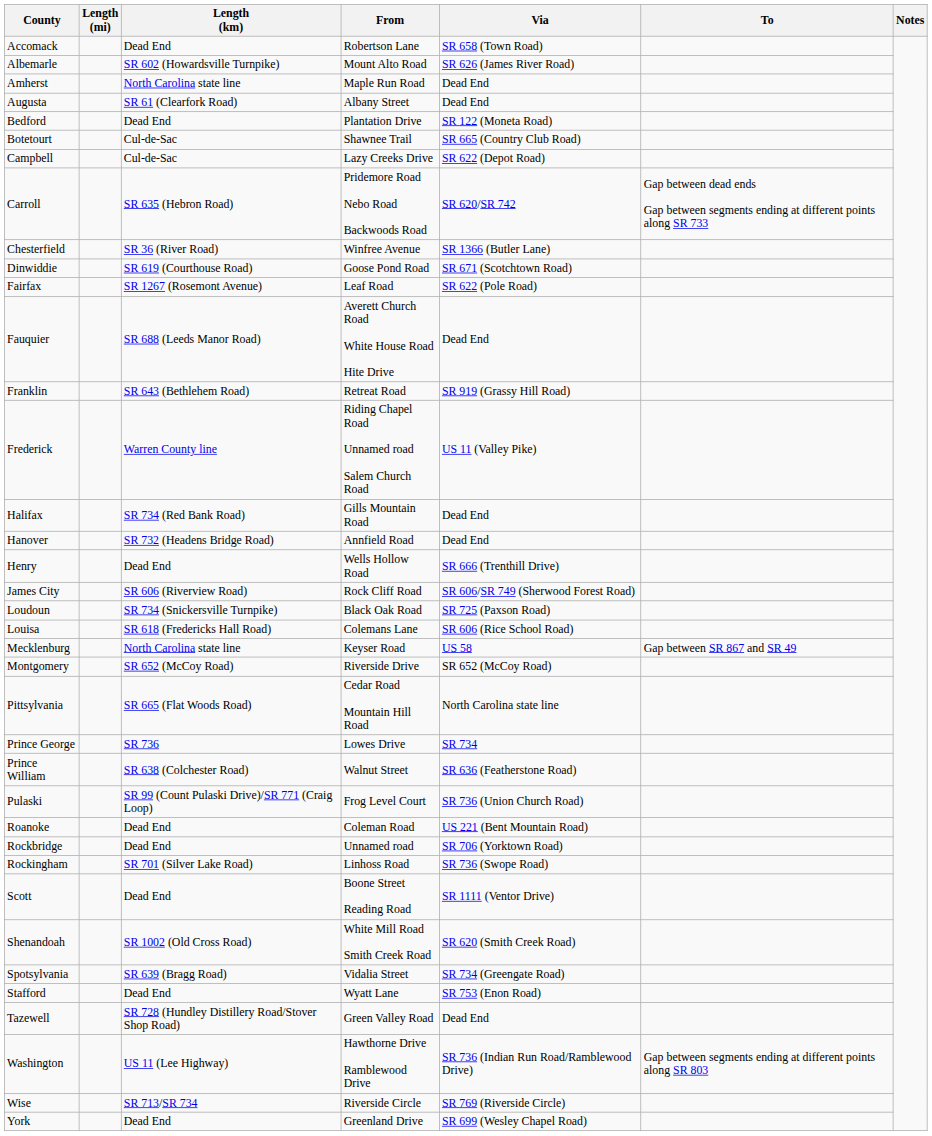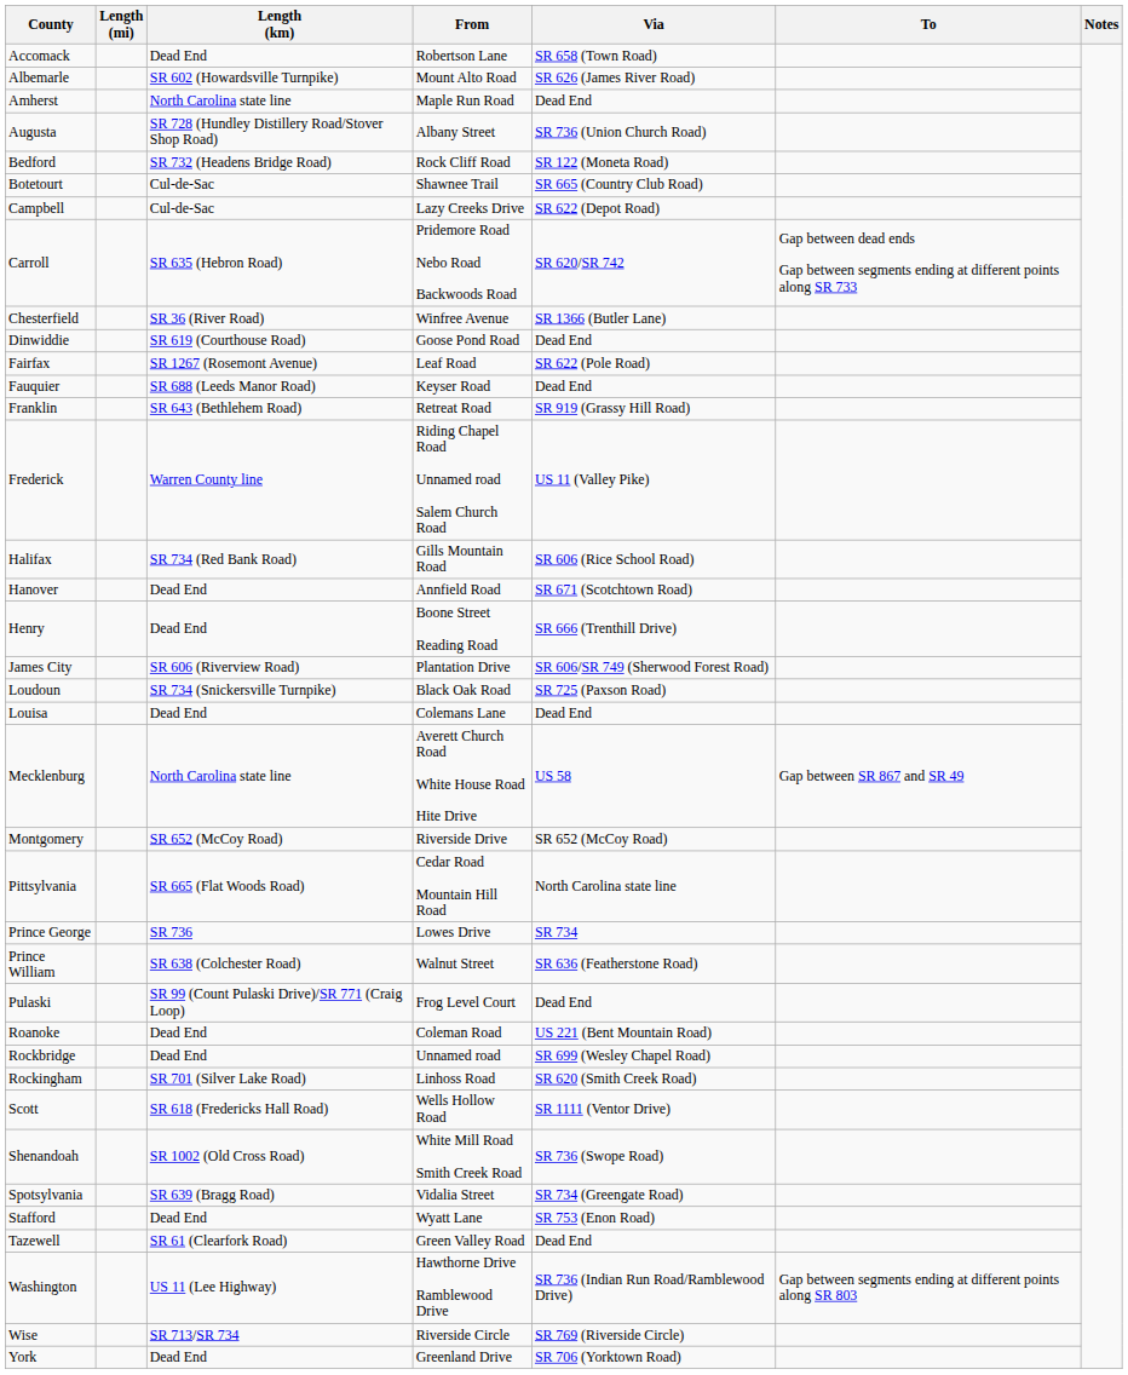 <table class="wikitable sortable">
 <tr>
 <th>County</th>
 <th>Length<br>(mi)</th>
 <th>Length<br>(km)</th>
 <th class="unsortable">From</th>
 <th class="unsortable">Via</th>
 <th class="unsortable">To</th>
 <th class="unsortable">Notes</th>
 </tr>
 <tr>
 <td id="Accomack">Accomack</td>
 <td></td>
 <td>Dead End</td>
 <td>Robertson Lane</td>
 <td><a href='#'>SR 658</a> (Town Road)</td>
 <td></td>
 </tr>
 <tr>
 <td id="Albemarle">Albemarle</td>
 <td></td>
 <td><a href='#'>SR 602</a> (Howardsville Turnpike)</td>
 <td>Mount Alto Road</td>
 <td><a href='#'>SR 626</a> (James River Road)</td>
 <td><br> </td>
 </tr>
 <tr>
 <td id="Amherst">Amherst</td>
 <td></td>
 <td><a href='#'>North Carolina</a> state line</td>
 <td>Maple Run Road</td>
 <td>Dead End</td>
 <td><br> </td>
 </tr>
 <tr>
 <td id="Augusta">Augusta</td>
 <td></td>
-<td><a href='#'>SR 61</a> (Clearfork Road)</td>
+<td><a href='#'>SR 728</a> (Hundley Distillery Road/Stover Shop Road)</td>
 <td>Albany Street</td>
-<td>Dead End</td>
+<td><a href='#'>SR 736</a> (Union Church Road)</td>
 <td><br></td>
 </tr>
 <tr>
 <td id="Bedford">Bedford</td>
 <td></td>
-<td>Dead End</td>
-<td>Plantation Drive</td>
+<td><a href='#'>SR 732</a> (Headens Bridge Road)</td>
+<td>Rock Cliff Road</td>
 <td><a href='#'>SR 122</a> (Moneta Road)</td>
 <td><br></td>
 </tr>
 <tr>
 <td id="Botetourt">Botetourt</td>
 <td></td>
 <td>Cul-de-Sac</td>
 <td>Shawnee Trail</td>
 <td><a href='#'>SR 665</a> (Country Club Road)</td>
 <td><br>  </td>
 </tr>
 <tr>
 <td id="Campbell">Campbell</td>
 <td></td>
 <td>Cul-de-Sac</td>
 <td>Lazy Creeks Drive</td>
 <td><a href='#'>SR 622</a> (Depot Road)</td>
 <td><br></td>
 </tr>
 <tr>
 <td id="Carroll">Carroll</td>
 <td></td>
 <td><a href='#'>SR 635</a> (Hebron Road)</td>
 <td>Pridemore Road<br><br>Nebo Road<br><br>Backwoods Road</td>
 <td><a href='#'>SR 620</a>/<a href='#'>SR 742</a></td>
 <td>Gap between dead ends<br><br>Gap between segments ending at different points along <a href='#'>SR 733</a><br> </td>
 </tr>
 <tr>
 <td id="Chesterfield">Chesterfield</td>
 <td></td>
 <td><a href='#'>SR 36</a> (River Road)</td>
 <td>Winfree Avenue</td>
 <td><a href='#'>SR 1366</a> (Butler Lane)</td>
 <td><br>    </td>
 </tr>
 <tr>
 <td id="Dinwiddie">Dinwiddie</td>
 <td></td>
 <td><a href='#'>SR 619</a> (Courthouse Road)</td>
 <td>Goose Pond Road</td>
-<td><a href='#'>SR 671</a> (Scotchtown Road)</td>
+<td>Dead End</td>
 <td><br></td>
 </tr>
 <tr>
 <td id="Fairfax">Fairfax</td>
 <td></td>
 <td><a href='#'>SR 1267</a> (Rosemont Avenue)</td>
 <td>Leaf Road</td>
 <td><a href='#'>SR 622</a> (Pole Road)</td>
 <td></td>
 </tr>
 <tr>
 <td id="Fauquier">Fauquier</td>
 <td></td>
 <td><a href='#'>SR 688</a> (Leeds Manor Road)</td>
-<td>Averett Church Road<br><br>White House Road<br><br>Hite Drive</td>
+<td>Keyser Road</td>
 <td>Dead End</td>
 <td><br> </td>
 </tr>
 <tr>
 <td id="Franklin">Franklin</td>
 <td></td>
 <td><a href='#'>SR 643</a> (Bethlehem Road)</td>
 <td>Retreat Road</td>
 <td><a href='#'>SR 919</a> (Grassy Hill Road)</td>
 <td></td>
 </tr>
 <tr>
 <td id="Frederick">Frederick</td>
 <td></td>
 <td><a href='#'>Warren County line</a></td>
 <td>Riding Chapel Road<br><br>Unnamed road<br><br>Salem Church Road</td>
 <td><a href='#'>US 11</a> (Valley Pike)</td>
 <td><br>     </td>
 </tr>
 <tr>
 <td id="Halifax">Halifax</td>
 <td></td>
 <td><a href='#'>SR 734</a> (Red Bank Road)</td>
 <td>Gills Mountain Road</td>
-<td>Dead End</td>
+<td><a href='#'>SR 606</a> (Rice School Road)</td>
 <td></td>
 </tr>
 <tr>
 <td id="Hanover">Hanover</td>
 <td></td>
-<td><a href='#'>SR 732</a> (Headens Bridge Road)</td>
+<td>Dead End</td>
 <td>Annfield Road</td>
-<td>Dead End</td>
+<td><a href='#'>SR 671</a> (Scotchtown Road)</td>
 <td><br></td>
 </tr>
 <tr>
 <td id="Henry">Henry</td>
 <td></td>
 <td>Dead End</td>
-<td>Wells Hollow Road</td>
+<td>Boone Street<br><br>Reading Road</td>
 <td><a href='#'>SR 666</a> (Trenthill Drive)</td>
 <td><br> </td>
 </tr>
 <tr>
 <td id="James City">James City</td>
 <td></td>
 <td><a href='#'>SR 606</a> (Riverview Road)</td>
-<td>Rock Cliff Road</td>
+<td>Plantation Drive</td>
 <td><a href='#'>SR 606</a>/<a href='#'>SR 749</a> (Sherwood Forest Road)</td>
 <td><br>    </td>
 </tr>
 <tr>
 <td id="Loudoun">Loudoun</td>
 <td></td>
 <td><a href='#'>SR 734</a> (Snickersville Turnpike)</td>
 <td>Black Oak Road</td>
 <td><a href='#'>SR 725</a> (Paxson Road)</td>
 <td></td>
 </tr>
 <tr>
 <td id="Louisa">Louisa</td>
 <td></td>
-<td><a href='#'>SR 618</a> (Fredericks Hall Road)</td>
+<td>Dead End</td>
 <td>Colemans Lane</td>
-<td><a href='#'>SR 606</a> (Rice School Road)</td>
+<td>Dead End</td>
 <td><br>  </td>
 </tr>
 <tr>
 <td id="Mecklenburg">Mecklenburg</td>
 <td></td>
 <td><a href='#'>North Carolina</a> state line</td>
-<td>Keyser Road</td>
+<td>Averett Church Road<br><br>White House Road<br><br>Hite Drive</td>
 <td><a href='#'>US 58</a></td>
 <td>Gap between <a href='#'>SR 867</a> and <a href='#'>SR 49</a><br></td>
 </tr>
 <tr>
 <td id="Montgomery">Montgomery</td>
 <td></td>
 <td><a href='#'>SR 652</a> (McCoy Road)</td>
 <td>Riverside Drive</td>
 <td>SR 652 (McCoy Road)</td>
 <td><br>       </td>
 </tr>
 <tr>
 <td id="Pittsylvania">Pittsylvania</td>
 <td></td>
 <td><a href='#'>SR 665</a> (Flat Woods Road)</td>
 <td>Cedar Road<br><br>Mountain Hill Road</td>
 <td>North Carolina state line</td>
 <td><br> </td>
 </tr>
 <tr>
 <td id="Prince George">Prince George</td>
 <td></td>
 <td><a href='#'>SR 736</a></td>
 <td>Lowes Drive</td>
 <td><a href='#'>SR 734</a></td>
 <td></td>
 </tr>
 <tr>
 <td id="Prince William">Prince William</td>
 <td></td>
 <td><a href='#'>SR 638</a> (Colchester Road)</td>
 <td>Walnut Street</td>
 <td><a href='#'>SR 636</a> (Featherstone Road)</td>
 <td></td>
 </tr>
 <tr>
 <td id="Pulaski">Pulaski</td>
 <td></td>
 <td><a href='#'>SR 99</a> (Count Pulaski Drive)/<a href='#'>SR 771</a> (Craig Loop)</td>
 <td>Frog Level Court</td>
-<td><a href='#'>SR 736</a> (Union Church Road)</td>
+<td>Dead End</td>
 <td><br> </td>
 </tr>
 <tr>
 <td id="Roanoke">Roanoke</td>
 <td></td>
 <td>Dead End</td>
 <td>Coleman Road</td>
 <td><a href='#'>US 221</a> (Bent Mountain Road)</td>
 <td></td>
 </tr>
 <tr>
 <td id="Rockbridge">Rockbridge</td>
 <td></td>
 <td>Dead End</td>
 <td>Unnamed road</td>
-<td><a href='#'>SR 706</a> (Yorktown Road)</td>
+<td><a href='#'>SR 699</a> (Wesley Chapel Road)</td>
 <td></td>
 </tr>
 <tr>
 <td id="Rockingham">Rockingham</td>
 <td></td>
 <td><a href='#'>SR 701</a> (Silver Lake Road)</td>
 <td>Linhoss Road</td>
-<td><a href='#'>SR 736</a> (Swope Road)</td>
+<td><a href='#'>SR 620</a> (Smith Creek Road)</td>
 <td><br></td>
 </tr>
 <tr>
 <td id="Scott">Scott</td>
 <td></td>
-<td>Dead End</td>
-<td>Boone Street<br><br>Reading Road</td>
+<td><a href='#'>SR 618</a> (Fredericks Hall Road)</td>
+<td>Wells Hollow Road</td>
 <td><a href='#'>SR 1111</a> (Ventor Drive)</td>
 <td></td>
 </tr>
 <tr>
 <td id="Shenandoah">Shenandoah</td>
 <td></td>
 <td><a href='#'>SR 1002</a> (Old Cross Road)</td>
 <td>White Mill Road<br><br>Smith Creek Road</td>
-<td><a href='#'>SR 620</a> (Smith Creek Road)</td>
+<td><a href='#'>SR 736</a> (Swope Road)</td>
 <td><br> </td>
 </tr>
 <tr>
 <td id="Spotsylvania">Spotsylvania</td>
 <td></td>
 <td><a href='#'>SR 639</a> (Bragg Road)</td>
 <td>Vidalia Street</td>
 <td><a href='#'>SR 734</a> (Greengate Road)</td>
 <td></td>
 </tr>
 <tr>
 <td id="Stafford">Stafford</td>
 <td></td>
 <td>Dead End</td>
 <td>Wyatt Lane</td>
 <td><a href='#'>SR 753</a> (Enon Road)</td>
 <td><br> </td>
 </tr>
 <tr>
 <td id="Tazewell">Tazewell</td>
 <td></td>
-<td><a href='#'>SR 728</a> (Hundley Distillery Road/Stover Shop Road)</td>
+<td><a href='#'>SR 61</a> (Clearfork Road)</td>
 <td>Green Valley Road</td>
 <td>Dead End</td>
 <td><br></td>
 </tr>
 <tr>
 <td id="Washington">Washington</td>
 <td></td>
 <td><a href='#'>US 11</a> (Lee Highway)</td>
 <td>Hawthorne Drive<br><br>Ramblewood Drive</td>
 <td><a href='#'>SR 736</a> (Indian Run Road/Ramblewood Drive)</td>
 <td>Gap between segments ending at different points along <a href='#'>SR 803</a><br></td>
 </tr>
 <tr>
 <td id="Wise">Wise</td>
 <td></td>
 <td><a href='#'>SR 713</a>/<a href='#'>SR 734</a></td>
 <td>Riverside Circle</td>
 <td><a href='#'>SR 769</a> (Riverside Circle)</td>
 <td><br></td>
 </tr>
 <tr>
 <td id="York">York</td>
 <td></td>
 <td>Dead End</td>
 <td>Greenland Drive</td>
-<td><a href='#'>SR 699</a> (Wesley Chapel Road)</td>
+<td><a href='#'>SR 706</a> (Yorktown Road)</td>
 <td></td>
 </tr>
 </table>
